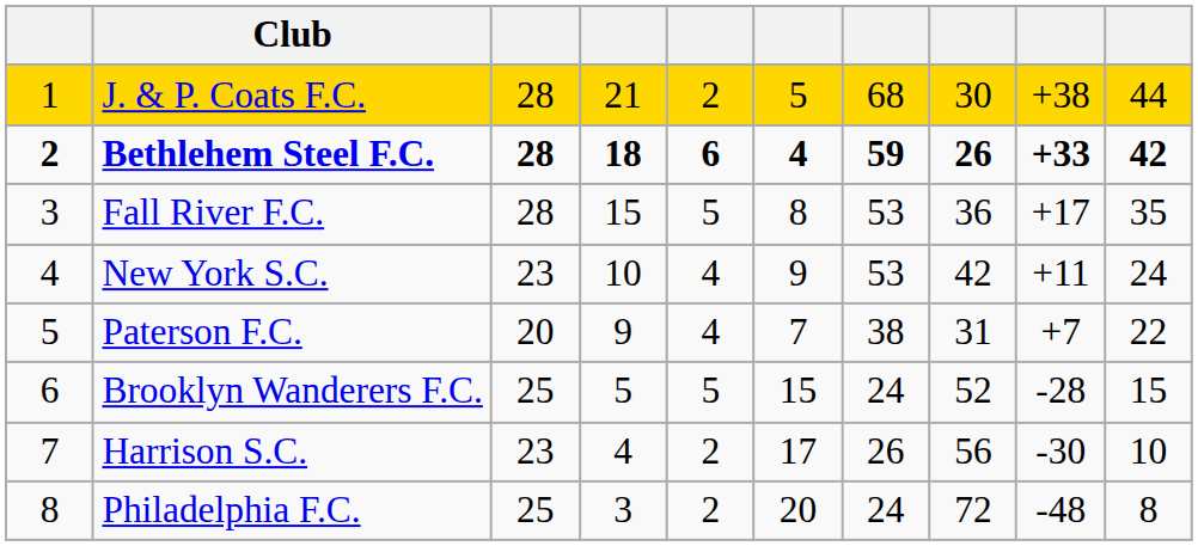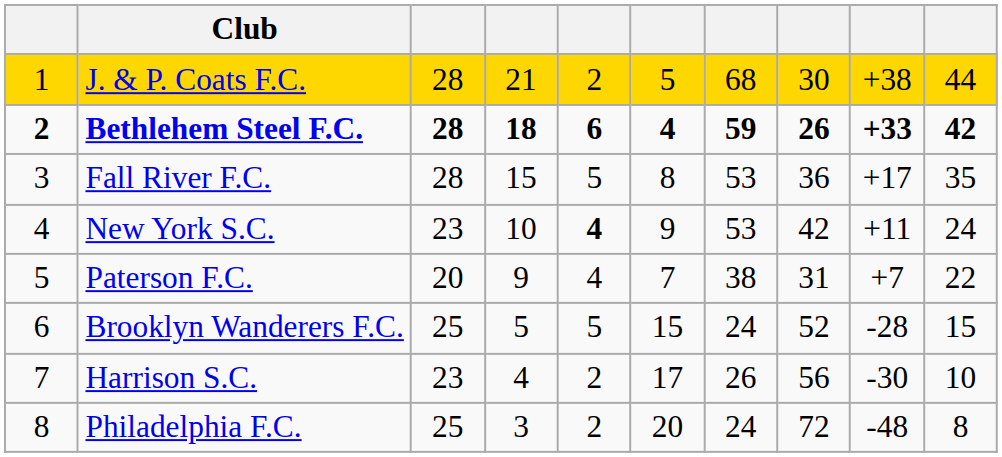 <table class="wikitable" style="text-align:center">
 <tr>
 <th width=30></th>
 <th>Club</th>
 <th width=30></th>
 <th width=30></th>
 <th width=30></th>
 <th width=30></th>
 <th width=30></th>
 <th width=30></th>
 <th width=30></th>
 <th width=30></th>
 </tr>
 <tr bgcolor="gold">
 <td>1</td>
 <td align=left><a href='#'>J. & P. Coats F.C.</a></td>
 <td>28</td>
 <td>21</td>
 <td>2</td>
 <td>5</td>
 <td>68</td>
 <td>30</td>
 <td>+38</td>
 <td>44</td>
 </tr>
 <tr>
 <td><strong>2</strong></td>
 <td align=left><strong><a href='#'>Bethlehem Steel F.C.</a></strong></td>
 <td><strong>28</strong></td>
 <td><strong>18</strong></td>
 <td><strong>6</strong></td>
 <td><strong>4</strong></td>
 <td><strong>59</strong></td>
 <td><strong>26</strong></td>
 <td><strong>+33</strong></td>
 <td><strong>42</strong></td>
 </tr>
 <tr>
 <td>3</td>
 <td align=left><a href='#'>Fall River F.C.</a></td>
 <td>28</td>
 <td>15</td>
 <td>5</td>
 <td>8</td>
 <td>53</td>
 <td>36</td>
 <td>+17</td>
 <td>35</td>
 </tr>
 <tr>
 <td>4</td>
 <td align=left><a href='#'>New York S.C.</a></td>
 <td>23</td>
 <td>10</td>
-<td>4</td>
+<td><strong>4</strong></td>
 <td>9</td>
 <td>53</td>
 <td>42</td>
 <td>+11</td>
 <td>24</td>
 </tr>
 <tr>
 <td>5</td>
 <td align=left><a href='#'>Paterson F.C.</a></td>
 <td>20</td>
 <td>9</td>
 <td>4</td>
 <td>7</td>
 <td>38</td>
 <td>31</td>
 <td>+7</td>
 <td>22</td>
 </tr>
 <tr>
 <td>6</td>
 <td align=left><a href='#'>Brooklyn Wanderers F.C.</a></td>
 <td>25</td>
 <td>5</td>
 <td>5</td>
 <td>15</td>
 <td>24</td>
 <td>52</td>
 <td>-28</td>
 <td>15</td>
 </tr>
 <tr>
 <td>7</td>
 <td align=left><a href='#'>Harrison S.C.</a></td>
 <td>23</td>
 <td>4</td>
 <td>2</td>
 <td>17</td>
 <td>26</td>
 <td>56</td>
 <td>-30</td>
 <td>10</td>
 </tr>
 <tr>
 <td>8</td>
 <td align=left><a href='#'>Philadelphia F.C.</a></td>
 <td>25</td>
 <td>3</td>
 <td>2</td>
 <td>20</td>
 <td>24</td>
 <td>72</td>
 <td>-48</td>
 <td>8</td>
 </tr>
 </table>
